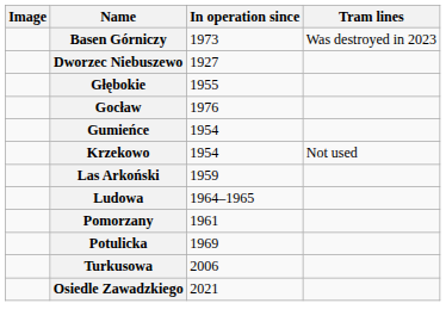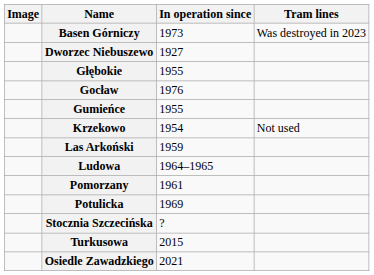 <table class="wikitable">
 <tr>
 <th>Image</th>
 <th>Name</th>
 <th>In operation since</th>
 <th>Tram lines</th>
 </tr>
 <tr>
 <td></td>
 <th>Basen Górniczy</th>
 <td>1973</td>
 <td>Was destroyed in 2023</td>
 </tr>
 <tr>
 <td></td>
 <th>Dworzec Niebuszewo</th>
 <td>1927</td>
 <td> </td>
 </tr>
 <tr>
 <td></td>
 <th>Głębokie</th>
 <td>1955</td>
 <td> </td>
 </tr>
 <tr>
 <td></td>
 <th>Gocław</th>
 <td>1976</td>
 <td></td>
 </tr>
 <tr>
 <td></td>
 <th>Gumieńce</th>
-<td>1954</td>
+<td>1955</td>
 <td> </td>
 </tr>
 <tr>
 <td></td>
 <th>Krzekowo</th>
 <td>1954</td>
 <td>Not used</td>
 </tr>
 <tr>
 <td></td>
 <th>Las Arkoński</th>
 <td>1959</td>
 <td></td>
 </tr>
 <tr>
 <td></td>
 <th>Ludowa</th>
 <td>1964–1965</td>
 <td></td>
 </tr>
 <tr>
 <td></td>
 <th>Pomorzany</th>
 <td>1961</td>
 <td>  <br> </td>
 </tr>
 <tr>
 <td></td>
 <th>Potulicka</th>
 <td>1969</td>
 <td><br></td>
 </tr>
 <tr>
 <td></td>
+<th>Stocznia Szczecińska</th>
+<td>?</td>
+<td></td>
+</tr>
+<tr>
+<td></td>
 <th>Turkusowa</th>
-<td>2006</td>
+<td>2015</td>
 <td>  </td>
 </tr>
 <tr>
 <td></td>
 <th>Osiedle Zawadzkiego</th>
 <td>2021</td>
 <td><br>   </td>
 </tr>
 </table>
